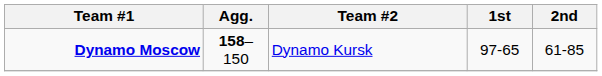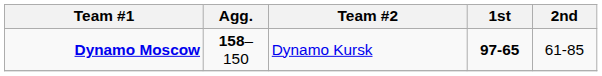 <table class=wikitable style="text-align:center">
 <tr>
 <th width=200>Team #1</th>
 <th width=60>Agg.</th>
 <th width=200>Team #2</th>
 <th width=60>1st</th>
 <th width=60>2nd</th>
 </tr>
 <tr>
 <td align=right><strong><a href='#'>Dynamo Moscow</a></strong> </td>
 <td><strong>158</strong>–150</td>
 <td align=left> <a href='#'>Dynamo Kursk</a></td>
-<td align=center>97-65</td>
+<td align=center><strong>97-65</strong></td>
 <td align=center>61-85</td>
 </tr>
 <tr>
 </tr>
 </table>
